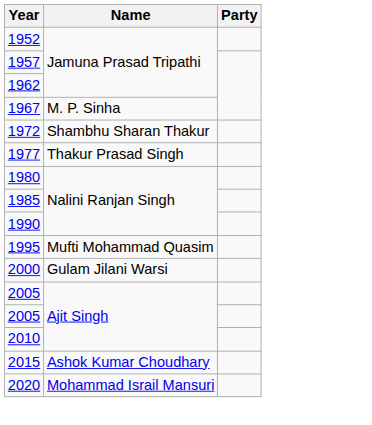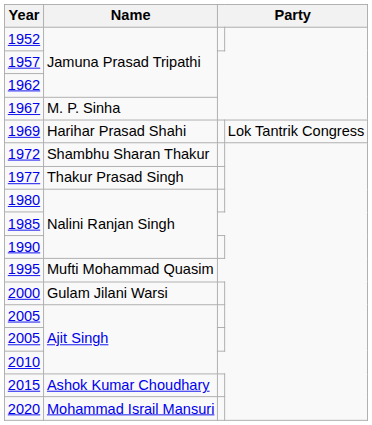 <table class="wikitable sortable">
 <tr>
 <th>Year</th>
 <th>Name</th>
 <th colspan="2">Party</th>
 </tr>
 <tr>
 <td><a href='#'>1952</a></td>
 <td rowspan="3">Jamuna Prasad Tripathi</td>
 <td></td>
 </tr>
 <tr>
 <td><a href='#'>1957</a></td>
 </tr>
 <tr>
 <td><a href='#'>1962</a></td>
 </tr>
 <tr>
 <td><a href='#'>1967</a></td>
 <td>M. P. Sinha</td>
+</tr>
+<tr>
+<td><a href='#'>1969</a></td>
+<td>Harihar Prasad Shahi</td>
+<td style="background-color: "></td>
+<td>Lok Tantrik  Congress</td>
 </tr>
 <tr>
 <td><a href='#'>1972</a></td>
 <td>Shambhu Sharan Thakur</td>
 <td></td>
 </tr>
 <tr>
 <td><a href='#'>1977</a></td>
 <td>Thakur Prasad Singh</td>
 <td></td>
 </tr>
 <tr>
 <td><a href='#'>1980</a></td>
 <td rowspan="3">Nalini Ranjan Singh</td>
 <td></td>
 </tr>
 <tr>
 <td><a href='#'>1985</a></td>
 </tr>
 <tr>
 <td><a href='#'>1990</a></td>
 <td></td>
 </tr>
 <tr>
 <td><a href='#'>1995</a></td>
 <td>Mufti Mohammad Quasim</td>
 </tr>
 <tr>
 <td><a href='#'>2000</a></td>
 <td>Gulam Jilani Warsi</td>
 <td></td>
 </tr>
 <tr>
 <td><a href='#'>2005</a></td>
 <td rowspan="3"><a href='#'>Ajit Singh</a></td>
 <td></td>
 </tr>
 <tr>
 <td><a href='#'>2005</a></td>
 <td></td>
 </tr>
 <tr>
 <td><a href='#'>2010</a></td>
 </tr>
 <tr>
 <td><a href='#'>2015</a></td>
 <td><a href='#'>Ashok Kumar Choudhary</a></td>
 <td></td>
 </tr>
 <tr>
 <td><a href='#'>2020</a></td>
 <td><a href='#'>Mohammad Israil Mansuri</a></td>
 <td></td>
 </tr>
 </table>
